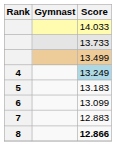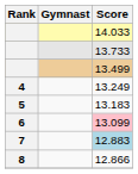 <table class="wikitable sortable" style="text-align:center; font-size:95%">
 <tr>
 <th scope=col>Rank</th>
 <th scope=col>Gymnast</th>
 <th scope=col>Score</th>
 </tr>
 <tr bgcolor=fffcaf>
 <th scope=row style="text-align:center"></th>
 <td align=left></td>
 <td>14.033</td>
 </tr>
 <tr bgcolor=e5e5e5>
 <th scope=row style="text-align:center"></th>
 <td align=left></td>
 <td>13.733</td>
 </tr>
 <tr bgcolor=eecc99>
 <th scope=row style="text-align:center"></th>
 <td align=left></td>
 <td>13.499</td>
 </tr>
 <tr>
 <th scope=row style="text-align:center">4</th>
 <td align=left></td>
-<td style="background: lightblue;">13.249</td>
+<td>13.249</td>
 </tr>
 <tr>
 <th scope=row style="text-align:center">5</th>
 <td align=left></td>
 <td>13.183</td>
 </tr>
 <tr>
 <th scope=row style="text-align:center">6</th>
 <td align=left></td>
-<td>13.099</td>
+<td style="background: pink;">13.099</td>
 </tr>
 <tr>
 <th scope=row style="text-align:center">7</th>
 <td align=left></td>
-<td>12.883</td>
+<td style="background: lightblue;">12.883</td>
 </tr>
 <tr>
 <th scope=row style="text-align:center">8</th>
 <td align=left></td>
-<td><strong>12.866</strong></td>
+<td>12.866</td>
 </tr>
 <tr>
 </tr>
 </table>
